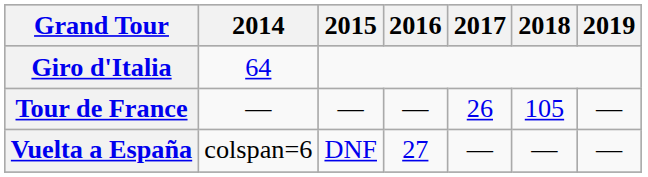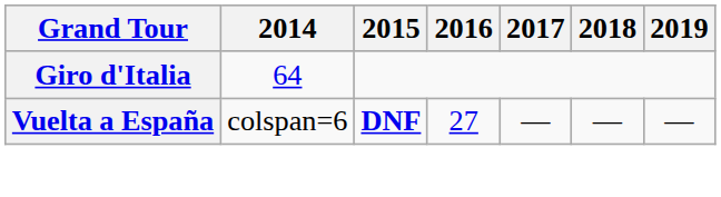 <table class="wikitable plainrowheaders">
 <tr>
 <th scope="col"><a href='#'>Grand Tour</a></th>
 <th scope="col">2014</th>
 <th scope="col">2015</th>
 <th scope="col">2016</th>
 <th scope="col">2017</th>
 <th scope="col">2018</th>
 <th scope="col">2019</th>
 </tr>
 <tr style="text-align:center;">
 <th scope="row"> <a href='#'>Giro d'Italia</a></th>
 <td style="text-align:center;"><a href='#'>64</a></td>
 </tr>
 <tr style="text-align:center;">
-<th scope="row"> <a href='#'>Tour de France</a></th>
-<td>—</td>
-<td>—</td>
-<td>—</td>
-<td style="text-align:center;"><a href='#'>26</a></td>
-<td style="text-align:center;"><a href='#'>105</a></td>
-<td>—</td>
-</tr>
-<tr style="text-align:center;">
 <th scope="row"> <a href='#'>Vuelta a España</a></th>
 <td>colspan=6 </td>
-<td style="text-align:center;"><a href='#'>DNF</a></td>
+<td style="text-align:center;"><strong><a href='#'>DNF</a></strong></td>
 <td style="text-align:center;"><a href='#'>27</a></td>
 <td>—</td>
 <td>—</td>
 <td>—</td>
 </tr>
 </table>
